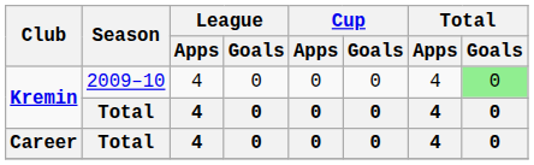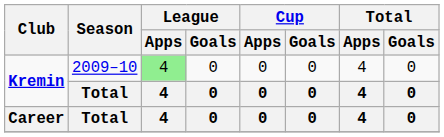 <table class="wikitable sortable" style="text-align: center;">
 <tr>
 <th rowspan="2">Club</th>
 <th rowspan="2">Season</th>
 <th colspan="2">League</th>
 <th colspan="2"><a href='#'>Cup</a></th>
 <th colspan="2">Total</th>
 </tr>
 <tr>
 <th>Apps</th>
 <th>Goals</th>
 <th>Apps</th>
 <th>Goals</th>
 <th>Apps</th>
 <th>Goals</th>
 </tr>
 <tr>
 <td rowspan="2"><strong><a href='#'>Kremin</a></strong></td>
 <td><a href='#'>2009–10</a></td>
-<td>4</td>
+<td style="background: lightgreen;">4</td>
 <td>0</td>
 <td>0</td>
 <td>0</td>
 <td>4</td>
-<td style="background: lightgreen;">0</td>
+<td>0</td>
 </tr>
 <tr>
 <th>Total</th>
 <th>4</th>
 <th>0</th>
 <th>0</th>
 <th>0</th>
 <th>4</th>
 <th>0</th>
 </tr>
 <tr>
 <th>Career</th>
 <th>Total</th>
 <th>4</th>
 <th>0</th>
 <th>0</th>
 <th>0</th>
 <th>4</th>
 <th>0</th>
 </tr>
 <tr>
 </tr>
 </table>
